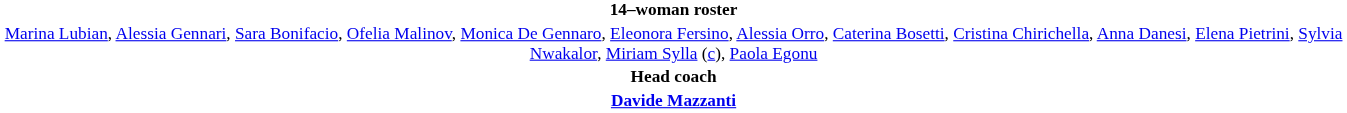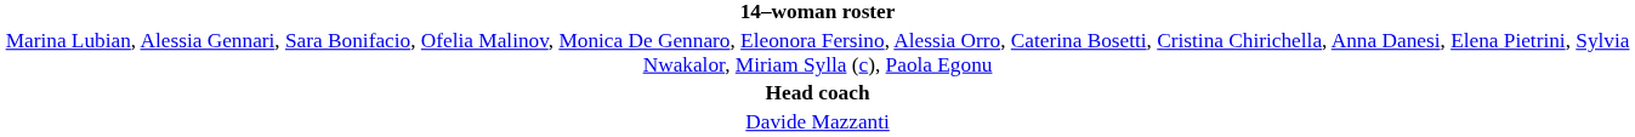 <table style="text-align:center; margin-top:2em; margin-left:auto; margin-right:auto">
 <tr>
 <td><strong>14–woman roster</strong></td>
 </tr>
 <tr>
 <td><a href='#'>Marina Lubian</a>, <a href='#'>Alessia Gennari</a>, <a href='#'>Sara Bonifacio</a>, <a href='#'>Ofelia Malinov</a>, <a href='#'>Monica De Gennaro</a>, <a href='#'>Eleonora Fersino</a>, <a href='#'>Alessia Orro</a>, <a href='#'>Caterina Bosetti</a>, <a href='#'>Cristina Chirichella</a>, <a href='#'>Anna Danesi</a>, <a href='#'>Elena Pietrini</a>, <a href='#'>Sylvia Nwakalor</a>, <a href='#'>Miriam Sylla</a> (<a href='#'>c</a>), <a href='#'>Paola Egonu</a></td>
 </tr>
 <tr>
 <td><strong>Head coach</strong></td>
 </tr>
 <tr>
-<td><strong><a href='#'>Davide Mazzanti</a></strong></td>
+<td><a href='#'>Davide Mazzanti</a></td>
 </tr>
 </table>
